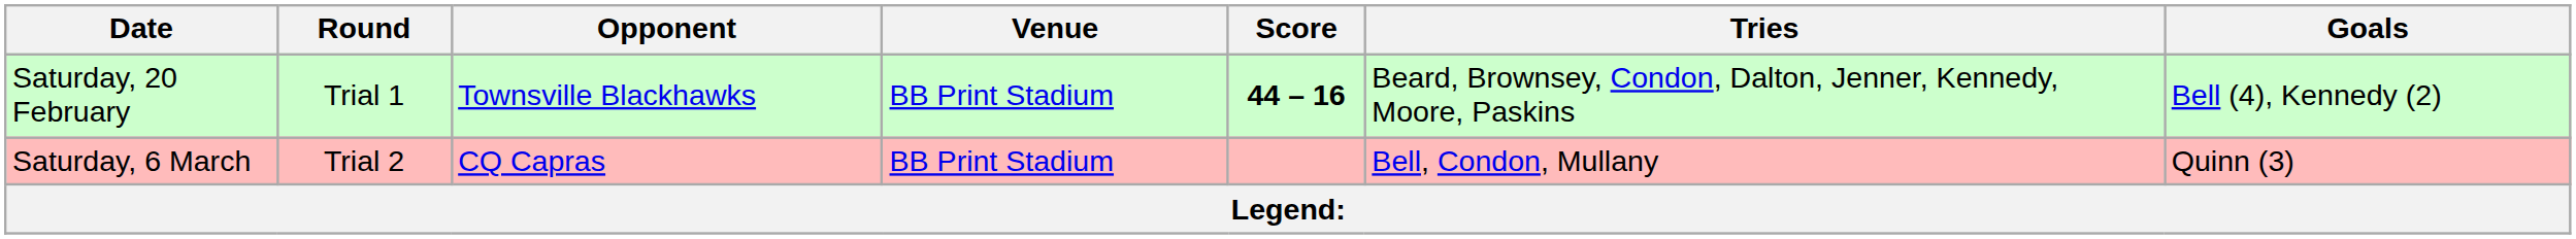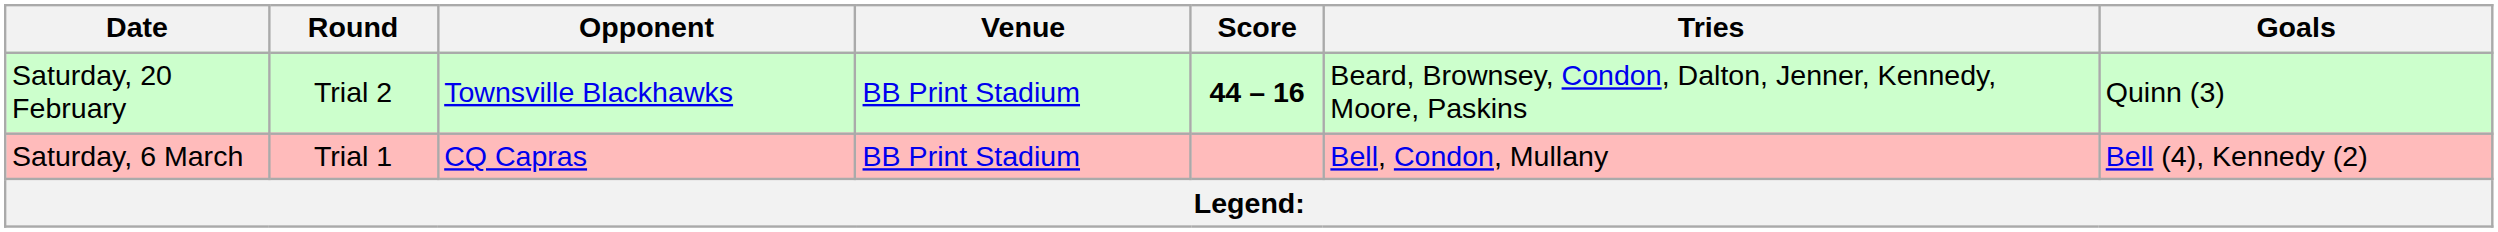 <table class="wikitable" style="font-size:75%;">
 <tr>
 <th style="width:105px;">Date</th>
 <th style="width:65px;">Round</th>
 <th style="width:170px;">Opponent</th>
 <th style="width:135px;">Venue</th>
 <th style="width:50px;">Score</th>
 <th style="width:320px;">Tries</th>
 <th style="width:160px;">Goals</th>
 </tr>
 <tr style="background:#CCFFCC">
 <td>Saturday, 20 February</td>
-<td style="text-align:center;">Trial 1</td>
+<td style="text-align:center;">Trial 2</td>
 <td> <a href='#'>Townsville Blackhawks</a></td>
 <td><a href='#'>BB Print Stadium</a></td>
 <td style="text-align:center;"><strong>44 – 16</strong></td>
 <td>Beard, Brownsey, <a href='#'>Condon</a>, Dalton, Jenner, Kennedy, Moore, Paskins</td>
-<td><a href='#'>Bell</a> (4), Kennedy (2)</td>
+<td>Quinn (3)</td>
 </tr>
 <tr style="background:#FFBBBB">
 <td>Saturday, 6 March</td>
-<td style="text-align:center;">Trial 2</td>
+<td style="text-align:center;">Trial 1</td>
 <td> <a href='#'>CQ Capras</a></td>
 <td><a href='#'>BB Print Stadium</a></td>
 <td style="text-align:center;"></td>
 <td><a href='#'>Bell</a>, <a href='#'>Condon</a>, Mullany</td>
-<td>Quinn (3)</td>
+<td><a href='#'>Bell</a> (4), Kennedy (2)</td>
 </tr>
 <tr>
 <th colspan="11"><strong>Legend</strong>:    </th>
 </tr>
 </table>
